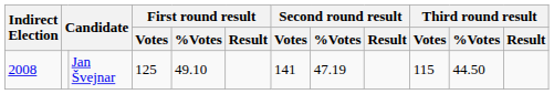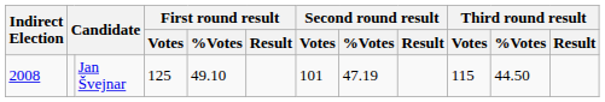 <table class="wikitable">
 <tr>
 <th width="120" rowspan="2">Indirect Election</th>
 <th width="180" rowspan="2" colspan=2>Candidate</th>
 <th width="200" colspan=3>First round result</th>
 <th width="200" colspan=3>Second round result</th>
 <th width="200" colspan=3>Third round result</th>
 </tr>
 <tr>
 <th width="100">Votes</th>
 <th width="100">%Votes</th>
 <th>Result</th>
 <th width="100">Votes</th>
 <th width="100">%Votes</th>
 <th>Result</th>
 <th width="100">Votes</th>
 <th width="100">%Votes</th>
 <th>Result</th>
 </tr>
 <tr>
 <td><a href='#'>2008</a></td>
 <td style="background-color: "></td>
 <td><a href='#'>Jan Švejnar</a></td>
 <td>125</td>
 <td>49.10</td>
 <td></td>
-<td>141</td>
+<td>101</td>
 <td>47.19</td>
 <td></td>
 <td>115</td>
 <td>44.50</td>
 <td></td>
 </tr>
 </table>
